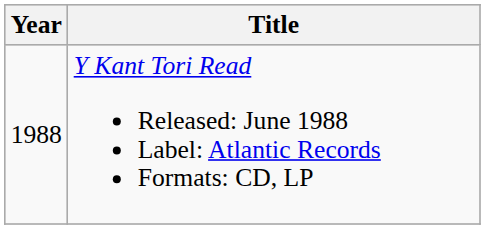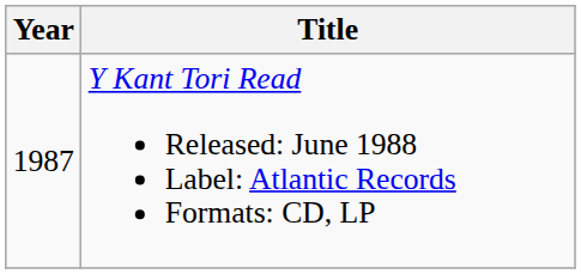 <table class="wikitable">
 <tr>
 <th>Year</th>
 <th width="250">Title</th>
 </tr>
 <tr>
-<td>1988</td>
+<td>1987</td>
 <td><em><a href='#'>Y Kant Tori Read</a></em><br><ul><li>Released: June 1988</li><li>Label: <a href='#'>Atlantic Records</a></li><li>Formats: CD, LP</li></ul></td>
 </tr>
 </table>
